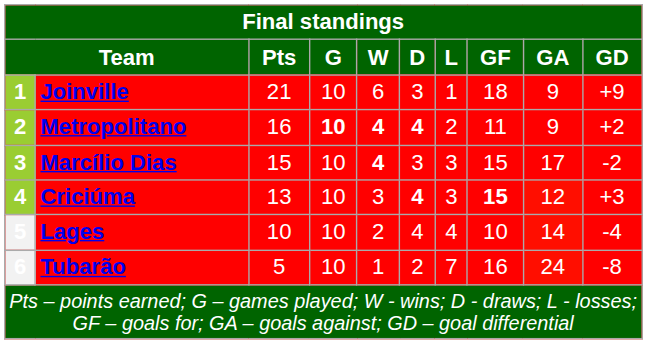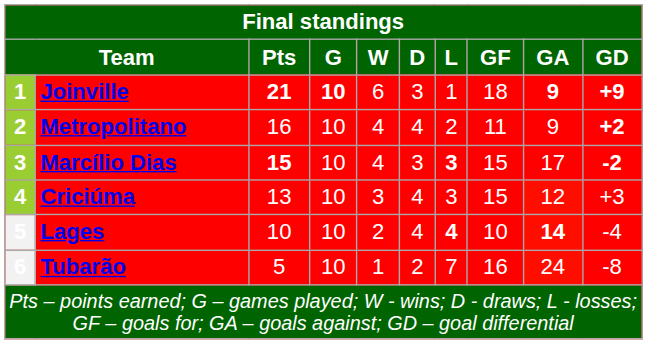 <table class="wikitable" style="text-align:center; color:white; background:#ff0000">
 <tr>
 <th style="background:#006400" colspan="10">Final standings</th>
 </tr>
 <tr>
 <th style="background:#006400" colspan="2">Team</th>
 <th style="background:#006400">Pts</th>
 <th style="background:#006400">G</th>
 <th style="background:#006400">W</th>
 <th style="background:#006400">D</th>
 <th style="background:#006400">L</th>
 <th style="background:#006400">GF</th>
 <th style="background:#006400">GA</th>
 <th style="background:#006400">GD</th>
 </tr>
 <tr>
 <th style="background:#9ACD32">1</th>
 <td align="left"><a href='#'><span><strong>Joinville</strong></span></a></td>
-<td bgcolor=#ff0000 align="center"><span>21</span></td>
-<td bgcolor=#ff0000 align="center"><span>10</span></td>
+<td bgcolor=#ff0000 align="center"><strong><span>21</span></strong></td>
+<td bgcolor=#ff0000 align="center"><strong><span>10</span></strong></td>
 <td bgcolor=#ff0000 align="center"><span>6</span></td>
 <td bgcolor=#ff0000 align="center"><span>3</span></td>
 <td bgcolor=#ff0000 align="center"><span>1</span></td>
 <td bgcolor=#ff0000 align="center"><span>18</span></td>
-<td bgcolor=#ff0000 align="center"><span>9</span></td>
-<td bgcolor=#ff0000 align="center"><span>+9</span></td>
+<td bgcolor=#ff0000 align="center"><strong><span>9</span></strong></td>
+<td bgcolor=#ff0000 align="center"><strong><span>+9</span></strong></td>
 </tr>
 <tr>
 <th style="background:#9ACD32">2</th>
 <td align="left"><a href='#'><span> <strong>Metropolitano</strong></span></a></td>
 <td bgcolor=#ff0000 align="center"><span>16</span></td>
-<td bgcolor=#ff0000 align="center"><strong><span>10</span></strong></td>
-<td bgcolor=#ff0000 align="center"><strong><span>4</span></strong></td>
-<td bgcolor=#ff0000 align="center"><strong><span>4</span></strong></td>
+<td bgcolor=#ff0000 align="center"><span>10</span></td>
+<td bgcolor=#ff0000 align="center"><span>4</span></td>
+<td bgcolor=#ff0000 align="center"><span>4</span></td>
 <td bgcolor=#ff0000 align="center"><span>2</span></td>
 <td bgcolor=#ff0000 align="center"><span>11</span></td>
 <td bgcolor=#ff0000 align="center"><span>9</span></td>
-<td bgcolor=#ff0000 align="center"><span>+2</span></td>
+<td bgcolor=#ff0000 align="center"><strong><span>+2</span></strong></td>
 </tr>
 <tr>
 <th style="background:#9ACD32">3</th>
 <td align="left"><a href='#'><span><strong>Marcílio Dias</strong></span></a></td>
-<td bgcolor=#ff0000 align="center"><span>15</span></td>
+<td bgcolor=#ff0000 align="center"><strong><span>15</span></strong></td>
 <td bgcolor=#ff0000 align="center"><span>10</span></td>
-<td bgcolor=#ff0000 align="center"><strong><span>4</span></strong></td>
+<td bgcolor=#ff0000 align="center"><span>4</span></td>
 <td bgcolor=#ff0000 align="center"><span>3</span></td>
-<td bgcolor=#ff0000 align="center"><span>3</span></td>
+<td bgcolor=#ff0000 align="center"><strong><span>3</span></strong></td>
 <td bgcolor=#ff0000 align="center"><span>15</span></td>
 <td bgcolor=#ff0000 align="center"><span>17</span></td>
-<td bgcolor=#ff0000 align="center"><span>-2</span></td>
+<td bgcolor=#ff0000 align="center"><strong><span>-2</span></strong></td>
 </tr>
 <tr>
 <th style="background:#9ACD32">4</th>
 <td align="left"><a href='#'><span><strong>Criciúma</strong></span></a></td>
 <td bgcolor=#ff0000 align="center"><span>13</span></td>
 <td bgcolor=#ff0000 align="center"><span>10</span></td>
 <td bgcolor=#ff0000 align="center"><span>3</span></td>
-<td bgcolor=#ff0000 align="center"><strong><span>4</span></strong></td>
+<td bgcolor=#ff0000 align="center"><span>4</span></td>
 <td bgcolor=#ff0000 align="center"><span>3</span></td>
-<td bgcolor=#ff0000 align="center"><strong><span>15</span></strong></td>
+<td bgcolor=#ff0000 align="center"><span>15</span></td>
 <td bgcolor=#ff0E00 align="center"><span>12</span></td>
 <td bgcolor=#ff0000 align="center"><span>+3</span></td>
 </tr>
 <tr>
 <th>5</th>
 <td align="left"><a href='#'><span><strong>Lages</strong></span></a></td>
 <td bgcolor=#ff0000 align="center"><span>10</span></td>
 <td bgcolor=#ff0000 align="center"><span>10</span></td>
 <td bgcolor=#ff0000 align="center"><span>2</span></td>
 <td bgcolor=#ff0000 align="center"><span>4</span></td>
-<td bgcolor=#ff0000 align="center"><span>4</span></td>
+<td bgcolor=#ff0000 align="center"><strong><span>4</span></strong></td>
 <td bgcolor=#ff0000 align="center"><span>10</span></td>
-<td bgcolor=#ff0E00 align="center"><span>14</span></td>
+<td bgcolor=#ff0E00 align="center"><strong><span>14</span></strong></td>
 <td bgcolor=#ff0000 align="center"><span>-4</span></td>
 </tr>
 <tr>
 <th>6</th>
 <td align="left"><a href='#'><span> <strong>Tubarão</strong></span></a></td>
 <td bgcolor=#ff0000 align="center"><span>5</span></td>
 <td bgcolor=#ff0000 align="center"><span>10</span></td>
 <td bgcolor=#ff0000 align="center"><span>1</span></td>
 <td bgcolor=#ff0000 align="center"><span>2</span></td>
 <td bgcolor=#ff0000 align="center"><span>7</span></td>
 <td bgcolor=#ff0000 align="center"><span>16</span></td>
 <td bgcolor=#ff0E00 align="center"><span>24</span></td>
 <td bgcolor=#ff0000 align="center"><span>-8</span></td>
 </tr>
 <tr>
 <td colspan="10" style="background:#006400; font-size:90%; font-style:italic">Pts – points earned; G – games played; W - wins; D - draws; L - losses;<br>GF – goals for; GA – goals against; GD – goal differential</td>
 </tr>
 </table>
